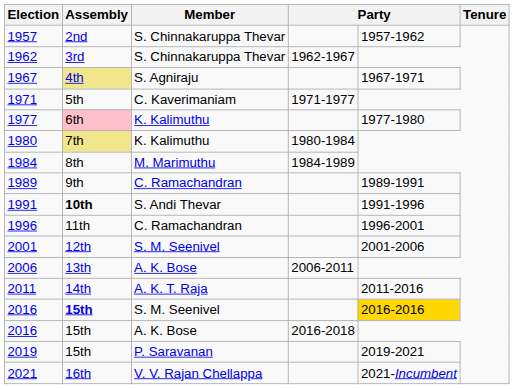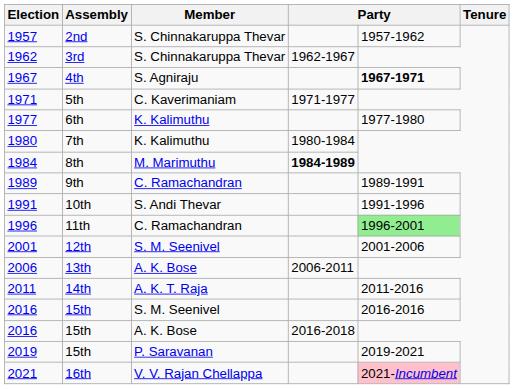 <table class="wikitable sortable">
 <tr>
 <th>Election</th>
 <th>Assembly</th>
 <th>Member</th>
 <th colspan="2">Party</th>
 <th>Tenure</th>
 </tr>
 <tr>
 <td><a href='#'>1957</a></td>
 <td><a href='#'>2nd</a></td>
 <td>S. Chinnakaruppa Thevar</td>
 <td></td>
 <td>1957-1962</td>
 </tr>
 <tr>
 <td><a href='#'>1962</a></td>
 <td><a href='#'>3rd</a></td>
 <td>S. Chinnakaruppa Thevar</td>
 <td>1962-1967</td>
 </tr>
 <tr>
 <td><a href='#'>1967</a></td>
-<td style="background: khaki;"><a href='#'>4th</a></td>
+<td><a href='#'>4th</a></td>
 <td>S. Agniraju</td>
 <td></td>
-<td>1967-1971</td>
+<td><strong>1967-1971</strong></td>
 </tr>
 <tr>
 <td><a href='#'>1971</a></td>
 <td>5th</td>
 <td>C. Kaverimaniam</td>
 <td>1971-1977</td>
 </tr>
 <tr>
 <td><a href='#'>1977</a></td>
-<td style="background: pink;">6th</td>
+<td>6th</td>
 <td><a href='#'>K. Kalimuthu</a></td>
 <td></td>
 <td>1977-1980</td>
 </tr>
 <tr>
 <td><a href='#'>1980</a></td>
-<td style="background: khaki;">7th</td>
+<td>7th</td>
 <td>K. Kalimuthu</td>
 <td>1980-1984</td>
 </tr>
 <tr>
 <td><a href='#'>1984</a></td>
 <td>8th</td>
 <td><a href='#'>M. Marimuthu</a></td>
-<td>1984-1989</td>
+<td><strong>1984-1989</strong></td>
 </tr>
 <tr>
 <td><a href='#'>1989</a></td>
 <td>9th</td>
 <td><a href='#'>C. Ramachandran</a></td>
 <td></td>
 <td>1989-1991</td>
 </tr>
 <tr>
 <td><a href='#'>1991</a></td>
-<td><strong>10th</strong></td>
+<td>10th</td>
 <td>S. Andi Thevar</td>
 <td></td>
 <td>1991-1996</td>
 </tr>
 <tr>
 <td><a href='#'>1996</a></td>
 <td>11th</td>
 <td>C. Ramachandran</td>
 <td></td>
-<td>1996-2001</td>
+<td style="background: lightgreen;">1996-2001</td>
 </tr>
 <tr>
 <td><a href='#'>2001</a></td>
 <td><a href='#'>12th</a></td>
 <td><a href='#'>S. M. Seenivel</a></td>
 <td></td>
 <td>2001-2006</td>
 </tr>
 <tr>
 <td><a href='#'>2006</a></td>
 <td><a href='#'>13th</a></td>
 <td><a href='#'>A. K. Bose</a></td>
 <td>2006-2011</td>
 </tr>
 <tr>
 <td><a href='#'>2011</a></td>
 <td><a href='#'>14th</a></td>
 <td><a href='#'>A. K. T. Raja</a></td>
 <td></td>
 <td>2011-2016</td>
 </tr>
 <tr>
 <td><a href='#'>2016</a></td>
-<td><strong><a href='#'>15th</a></strong></td>
+<td><a href='#'>15th</a></td>
 <td>S. M. Seenivel</td>
 <td></td>
-<td style="background: gold;">2016-2016</td>
+<td>2016-2016</td>
 </tr>
 <tr>
 <td><a href='#'>2016</a></td>
 <td>15th</td>
 <td>A. K. Bose</td>
 <td>2016-2018</td>
 </tr>
 <tr>
 <td><a href='#'>2019</a></td>
 <td>15th</td>
 <td><a href='#'>P. Saravanan</a></td>
 <td></td>
 <td>2019-2021</td>
 </tr>
 <tr>
 <td><a href='#'>2021</a></td>
 <td><a href='#'>16th</a></td>
 <td><a href='#'>V. V. Rajan Chellappa</a></td>
 <td></td>
-<td>2021-<em><a href='#'>Incumbent</a></em></td>
+<td style="background: pink;">2021-<em><a href='#'>Incumbent</a></em></td>
 </tr>
 </table>
